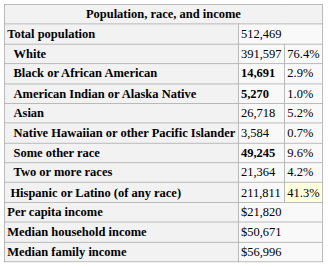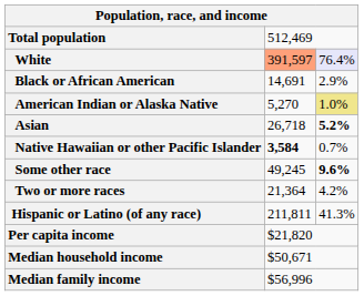 <table class="wikitable collapsible collapsed">
 <tr>
 <th colspan=6>Population, race, and income</th>
 </tr>
 <tr>
 <th scope="row" style="text-align: left;">Total population</th>
 <td colspan=2>512,469</td>
 </tr>
 <tr>
 <th scope="row" style="text-align: left;">  White</th>
-<td>391,597</td>
-<td>76.4%</td>
+<td style="background: lightsalmon;">391,597</td>
+<td style="background: lavender;">76.4%</td>
 </tr>
 <tr>
 <th scope="row" style="text-align: left;">  Black or African American</th>
-<td><strong>14,691</strong></td>
+<td>14,691</td>
 <td>2.9%</td>
 </tr>
 <tr>
 <th scope="row" style="text-align: left;">  American Indian or Alaska Native</th>
-<td><strong>5,270</strong></td>
-<td>1.0%</td>
+<td>5,270</td>
+<td style="background: khaki;">1.0%</td>
 </tr>
 <tr>
 <th scope="row" style="text-align: left;">  Asian</th>
 <td>26,718</td>
-<td>5.2%</td>
+<td><strong>5.2%</strong></td>
 </tr>
 <tr>
 <th scope="row" style="text-align: left;">  Native Hawaiian or other Pacific Islander</th>
-<td>3,584</td>
+<td><strong>3,584</strong></td>
 <td>0.7%</td>
 </tr>
 <tr>
 <th scope="row" style="text-align: left;">  Some other race</th>
-<td><strong>49,245</strong></td>
-<td>9.6%</td>
+<td>49,245</td>
+<td><strong>9.6%</strong></td>
 </tr>
 <tr>
 <th scope="row" style="text-align: left;">  Two or more races</th>
 <td>21,364</td>
 <td>4.2%</td>
 </tr>
 <tr>
 <th scope="row" style="text-align: left;"> Hispanic or Latino (of any race)</th>
 <td>211,811</td>
-<td style="background: lightyellow;">41.3%</td>
+<td>41.3%</td>
 </tr>
 <tr>
 <th scope="row" style="text-align: left;">Per capita income</th>
 <td colspan=2>$21,820</td>
 </tr>
 <tr>
 <th scope="row" style="text-align: left;">Median household income</th>
 <td colspan=2>$50,671</td>
 </tr>
 <tr>
 <th scope="row" style="text-align: left;">Median family income</th>
 <td colspan=2>$56,996</td>
 </tr>
 </table>
